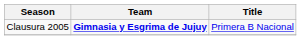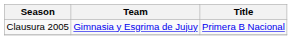 <table class="wikitable">
 <tr>
 <th>Season</th>
 <th>Team</th>
 <th>Title</th>
 </tr>
 <tr>
 <td>Clausura 2005</td>
-<td><strong><a href='#'>Gimnasia y Esgrima de Jujuy</a></strong></td>
+<td><a href='#'>Gimnasia y Esgrima de Jujuy</a></td>
 <td><a href='#'>Primera B Nacional</a></td>
 </tr>
 <tr>
 </tr>
 </table>
